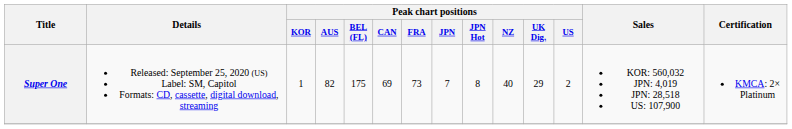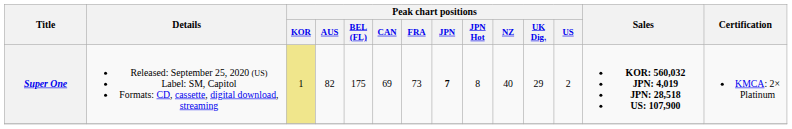 <table class="wikitable plainrowheaders" style="text-align:center;">
 <tr>
 <th rowspan="2" scope="col" style="width:8em;">Title</th>
 <th rowspan="2" scope="col" style="width:20em;">Details</th>
 <th colspan="10">Peak chart positions</th>
 <th rowspan="2" scope="col" style="width:12em;">Sales</th>
 <th rowspan="2" scope="col" style="width:8em;">Certification</th>
 </tr>
 <tr>
 <th scope="col" style="width:2.8em;font-size:90%;"><a href='#'>KOR</a><br></th>
 <th scope="col" style="width:2.8em;font-size:90%;"><a href='#'>AUS</a><br></th>
 <th scope="col" style="width:2.8em;font-size:90%;"><a href='#'>BEL<br>(FL)</a><br></th>
 <th scope="col" style="width:2.8em;font-size:90%;"><a href='#'>CAN</a><br></th>
 <th scope="col" style="width:3em;font-size:90%;"><a href='#'>FRA</a><br></th>
 <th scope="col" style="width:3em;font-size:90%;"><a href='#'>JPN</a><br></th>
 <th scope="col" style="width:3em;font-size:90%;"><a href='#'>JPN<br>Hot</a><br></th>
 <th scope="col" style="width:3em;font-size:90%;"><a href='#'>NZ</a><br></th>
 <th scope="col" style="width:3em;font-size:90%;"><a href='#'>UK<br>Dig.</a><br></th>
 <th scope="col" style="width:2.8em;font-size:90%;"><a href='#'>US</a><br></th>
 </tr>
 <tr>
 <th scope="row"><em><a href='#'>Super One</a></em></th>
 <td><br><ul><li>Released: September 25, 2020 <small>(US)</small></li><li>Label: SM, Capitol</li><li>Formats: <a href='#'>CD</a>, <a href='#'>cassette</a>, <a href='#'>digital download</a>, <a href='#'>streaming</a></li></ul></td>
-<td>1</td>
+<td style="background: khaki;">1</td>
 <td>82</td>
 <td>175</td>
 <td>69</td>
 <td>73</td>
-<td>7</td>
+<td><strong>7</strong></td>
 <td>8</td>
 <td>40</td>
 <td>29</td>
 <td>2</td>
-<td><br><ul><li>KOR: 560,032</li><li>JPN: 4,019</li><li>JPN: 28,518 </li><li>US: 107,900</li></ul></td>
+<td><strong><br><ul><li>KOR: 560,032</li><li>JPN: 4,019</li><li>JPN: 28,518 </li><li>US: 107,900</li></ul></strong></td>
 <td><br><ul><li><a href='#'>KMCA</a>: 2× Platinum</li></ul></td>
 </tr>
 <tr>
 </tr>
 </table>
